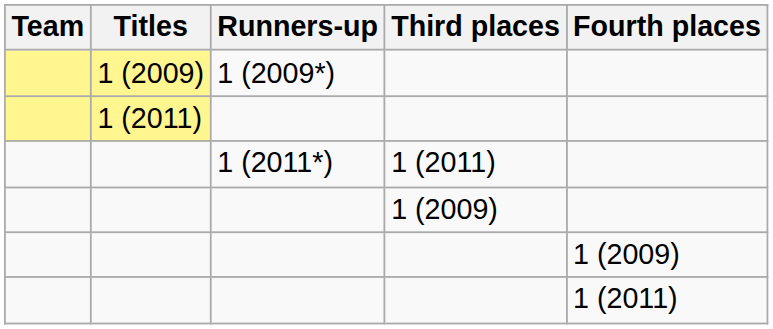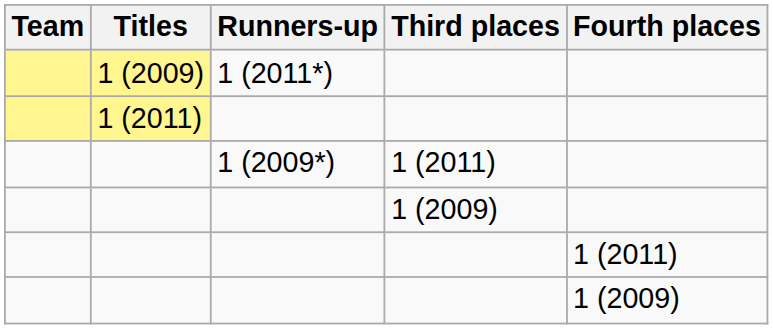 <table class=wikitable>
 <tr>
 <th>Team</th>
 <th>Titles</th>
 <th>Runners-up</th>
 <th>Third places</th>
 <th>Fourth places</th>
 </tr>
 <tr>
 <td style=background:#FFF68F></td>
 <td style=background:#FFF68F>1 (2009)</td>
-<td>1 (2009*)</td>
+<td>1 (2011*)</td>
 <td></td>
 <td></td>
 </tr>
 <tr>
 <td style=background:#FFF68F></td>
 <td style=background:#FFF68F>1 (2011)</td>
 <td></td>
 <td></td>
 <td></td>
 </tr>
 <tr>
 <td></td>
 <td></td>
-<td>1 (2011*)</td>
+<td>1 (2009*)</td>
 <td>1 (2011)</td>
 <td></td>
 </tr>
 <tr>
 <td></td>
 <td></td>
 <td></td>
 <td>1 (2009)</td>
 <td></td>
 </tr>
 <tr>
 <td></td>
 <td></td>
 <td></td>
 <td></td>
-<td>1 (2009)</td>
+<td>1 (2011)</td>
 </tr>
 <tr>
 <td></td>
 <td></td>
 <td></td>
 <td></td>
-<td>1 (2011)</td>
+<td>1 (2009)</td>
 </tr>
 </table>
